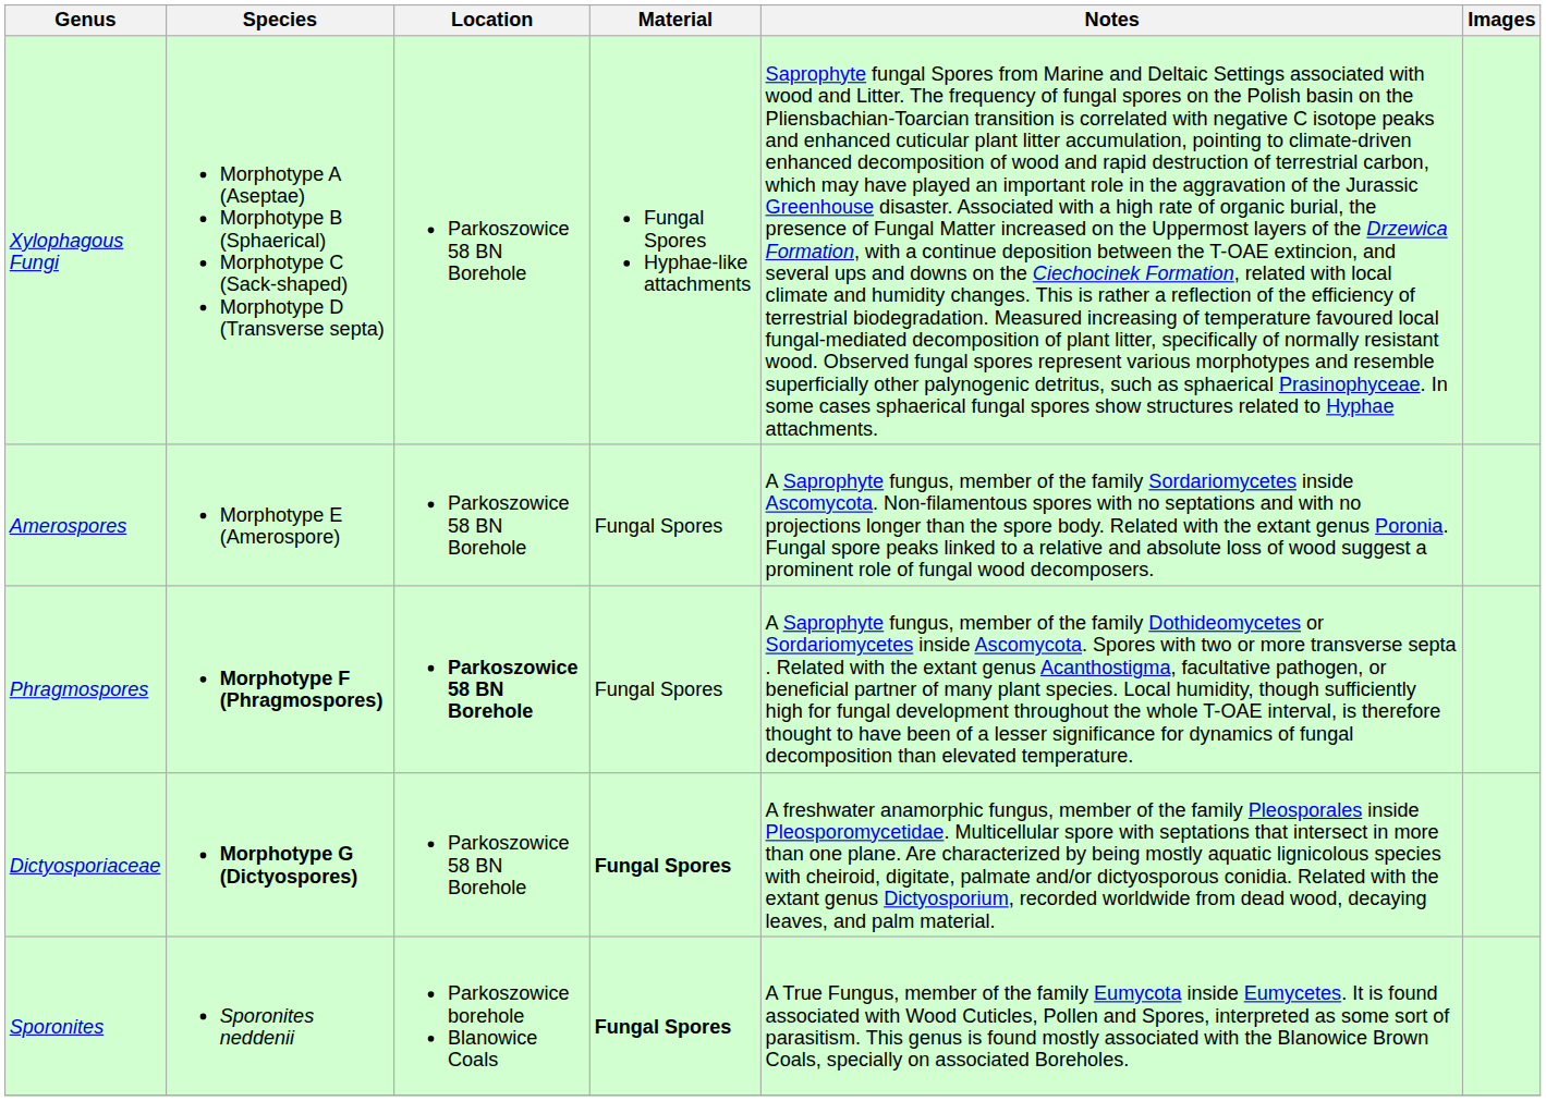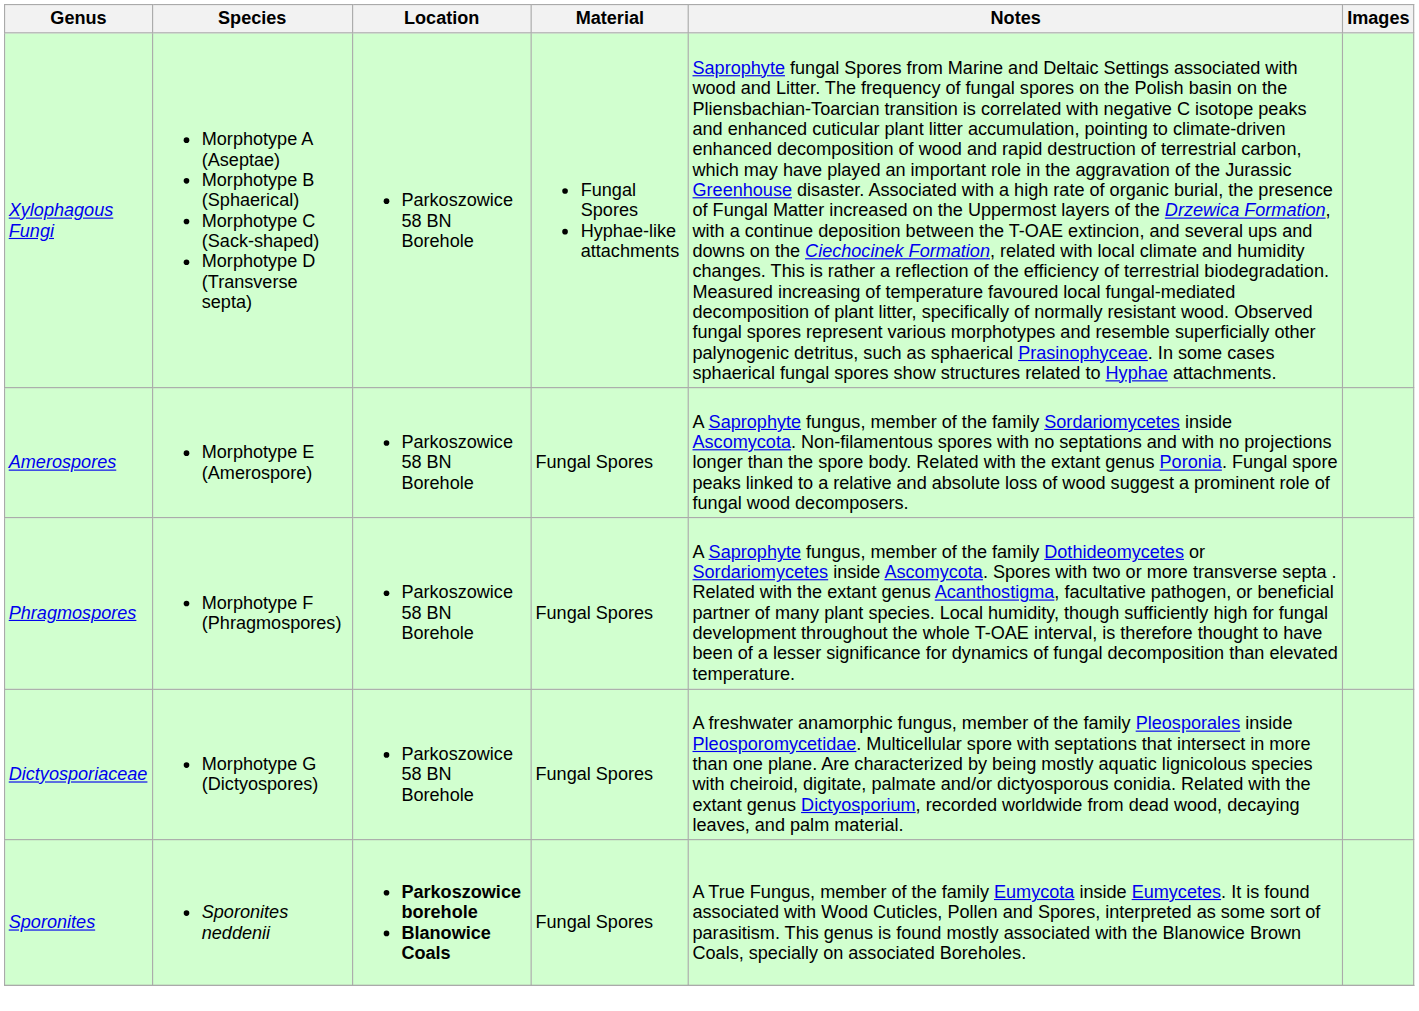 <table class="wikitable sortable">
 <tr>
 <th>Genus</th>
 <th>Species</th>
 <th>Location</th>
 <th>Material</th>
 <th>Notes</th>
 <th>Images</th>
 </tr>
 <tr>
 <td style="background:#D1FFCF;"><br><em><a href='#'>Xylophagous Fungi</a></em></td>
 <td style="background:#D1FFCF;"><br><ul><li>Morphotype A (Aseptae)</li><li>Morphotype B (Sphaerical)</li><li>Morphotype C (Sack-shaped)</li><li>Morphotype D (Transverse septa)</li></ul></td>
 <td style="background:#D1FFCF;"><br><ul><li>Parkoszowice 58 BN Borehole</li></ul></td>
 <td style="background:#D1FFCF;"><br><ul><li>Fungal Spores</li><li>Hyphae-like attachments</li></ul></td>
 <td style="background:#D1FFCF;"><br><a href='#'>Saprophyte</a> fungal Spores from Marine and Deltaic Settings associated with wood and Litter. The frequency of fungal spores on the Polish basin on the Pliensbachian-Toarcian transition is correlated with negative C isotope peaks and enhanced cuticular plant litter accumulation, pointing to climate-driven enhanced decomposition of wood and rapid destruction of terrestrial carbon, which may have played an important role in the aggravation of the Jurassic <a href='#'>Greenhouse</a> disaster. Associated with a high rate of organic burial, the presence of Fungal Matter increased on the Uppermost layers of the <em><a href='#'>Drzewica Formation</a></em>, with a continue deposition between the T-OAE extincion, and several ups and downs on the <em><a href='#'>Ciechocinek Formation</a></em>, related with local climate and humidity changes. This is rather a reflection of the efficiency of terrestrial biodegradation. Measured increasing of temperature favoured local fungal-mediated decomposition of plant litter, specifically of normally resistant wood. Observed fungal spores represent various morphotypes and resemble superficially other palynogenic detritus, such as sphaerical <a href='#'>Prasinophyceae</a>. In some cases sphaerical fungal spores show structures related to <a href='#'>Hyphae</a> attachments.</td>
 <td style="background:#D1FFCF;"><br></td>
 </tr>
 <tr>
 <td style="background:#D1FFCF;"><br><em><a href='#'>Amerospores</a></em></td>
 <td style="background:#D1FFCF;"><br><ul><li>Morphotype E (Amerospore)</li></ul></td>
 <td style="background:#D1FFCF;"><br><ul><li>Parkoszowice 58 BN Borehole</li></ul></td>
 <td style="background:#D1FFCF;"><br>Fungal Spores</td>
 <td style="background:#D1FFCF;"><br>A <a href='#'>Saprophyte</a> fungus, member of the family <a href='#'>Sordariomycetes</a> inside <a href='#'>Ascomycota</a>. Non-filamentous spores with no septations and with no projections longer than the spore body. Related with the extant genus <a href='#'>Poronia</a>. Fungal spore peaks linked to a relative and absolute loss of wood suggest a prominent role of fungal wood decomposers.</td>
 <td style="background:#D1FFCF;"><br></td>
 </tr>
 <tr>
 <td style="background:#D1FFCF;"><br><em><a href='#'>Phragmospores</a></em></td>
-<td style="background:#D1FFCF;"><strong><br><ul><li>Morphotype F (Phragmospores)</li></ul></strong></td>
-<td style="background:#D1FFCF;"><strong><br><ul><li>Parkoszowice 58 BN Borehole</li></ul></strong></td>
+<td style="background:#D1FFCF;"><br><ul><li>Morphotype F (Phragmospores)</li></ul></td>
+<td style="background:#D1FFCF;"><br><ul><li>Parkoszowice 58 BN Borehole</li></ul></td>
 <td style="background:#D1FFCF;"><br>Fungal Spores</td>
 <td style="background:#D1FFCF;"><br>A <a href='#'>Saprophyte</a> fungus, member of the family <a href='#'>Dothideomycetes</a> or <a href='#'>Sordariomycetes</a> inside <a href='#'>Ascomycota</a>. Spores with two or more transverse septa . Related with the extant genus <a href='#'>Acanthostigma</a>, facultative pathogen, or beneficial partner of many plant species. Local humidity, though sufficiently high for fungal development throughout the whole T-OAE interval, is therefore thought to have been of a lesser significance for dynamics of fungal decomposition than elevated temperature.</td>
 <td style="background:#D1FFCF;"></td>
 </tr>
 <tr>
 <td style="background:#D1FFCF;"><br><em><a href='#'>Dictyosporiaceae</a></em></td>
-<td style="background:#D1FFCF;"><strong><br><ul><li>Morphotype G (Dictyospores)</li></ul></strong></td>
+<td style="background:#D1FFCF;"><br><ul><li>Morphotype G (Dictyospores)</li></ul></td>
 <td style="background:#D1FFCF;"><br><ul><li>Parkoszowice 58 BN Borehole</li></ul></td>
-<td style="background:#D1FFCF;"><strong><br>Fungal Spores</strong></td>
+<td style="background:#D1FFCF;"><br>Fungal Spores</td>
 <td style="background:#D1FFCF;"><br>A freshwater anamorphic fungus, member of the family <a href='#'>Pleosporales</a> inside <a href='#'>Pleosporomycetidae</a>. Multicellular spore with septations that intersect in more than one plane. Are characterized by being mostly aquatic lignicolous species with cheiroid, digitate, palmate and/or dictyosporous conidia. Related with the extant genus <a href='#'>Dictyosporium</a>, recorded worldwide from dead wood, decaying leaves, and palm material.</td>
 <td style="background:#D1FFCF;"></td>
 </tr>
 <tr>
 <td style="background:#D1FFCF;"><br><em><a href='#'>Sporonites</a></em></td>
 <td style="background:#D1FFCF;"><br><ul><li><em>Sporonites neddenii</em></li></ul></td>
-<td style="background:#D1FFCF;"><br><ul><li>Parkoszowice borehole</li><li>Blanowice Coals</li></ul></td>
-<td style="background:#D1FFCF;"><strong><br>Fungal Spores</strong></td>
+<td style="background:#D1FFCF;"><strong><br><ul><li>Parkoszowice borehole</li><li>Blanowice Coals</li></ul></strong></td>
+<td style="background:#D1FFCF;"><br>Fungal Spores</td>
 <td style="background:#D1FFCF;"><br>A True Fungus, member of the family <a href='#'>Eumycota</a> inside <a href='#'>Eumycetes</a>. It is found associated with Wood Cuticles, Pollen and Spores, interpreted as some sort of parasitism. This genus is found mostly associated with the Blanowice Brown Coals, specially on associated Boreholes.</td>
 <td style="background:#D1FFCF;"><br></td>
 </tr>
 <tr>
 </tr>
 </table>
